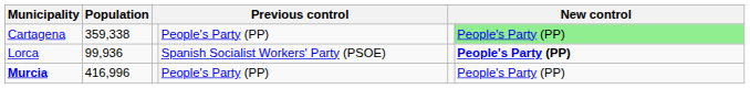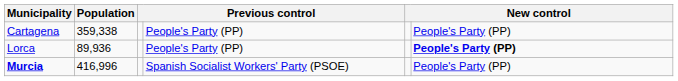 <table class="wikitable sortable">
 <tr>
 <th>Municipality</th>
 <th>Population</th>
 <th colspan="2" style="width:375px;">Previous control</th>
 <th colspan="2" style="width:375px;">New control</th>
 </tr>
 <tr>
 <td><a href='#'>Cartagena</a></td>
 <td>359,338</td>
 <td width="1" style="color:inherit;background:"></td>
 <td><a href='#'>People's Party</a> (PP)</td>
 <td width="1" style="color:inherit;background:"></td>
-<td style="background: lightgreen;"><a href='#'>People's Party</a> (PP)</td>
+<td><a href='#'>People's Party</a> (PP)</td>
 </tr>
 <tr>
 <td><a href='#'>Lorca</a></td>
-<td>99,936</td>
+<td>89,936</td>
 <td style="color:inherit;background:"></td>
-<td><a href='#'>Spanish Socialist Workers' Party</a> (PSOE)</td>
+<td><a href='#'>People's Party</a> (PP)</td>
 <td style="color:inherit;background:"></td>
 <td><strong><a href='#'>People's Party</a> (PP)</strong></td>
 </tr>
 <tr>
 <td><strong><a href='#'>Murcia</a></strong></td>
 <td>416,996</td>
 <td style="color:inherit;background:"></td>
-<td><a href='#'>People's Party</a> (PP)</td>
+<td><a href='#'>Spanish Socialist Workers' Party</a> (PSOE)</td>
 <td style="color:inherit;background:"></td>
 <td><a href='#'>People's Party</a> (PP)</td>
 </tr>
 </table>
